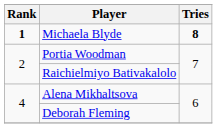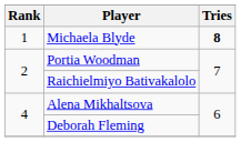 <table class="wikitable sortable">
 <tr>
 </tr>
 <tr>
 <th>Rank</th>
 <th>Player</th>
 <th>Tries</th>
 </tr>
 <tr>
-<td align=center><strong>1</strong></td>
+<td align=center>1</td>
 <td> <a href='#'>Michaela Blyde</a></td>
 <td align=center><strong>8</strong></td>
 </tr>
 <tr>
 <td align=center rowspan=2>2</td>
 <td> <a href='#'>Portia Woodman</a></td>
 <td align=center rowspan=2>7</td>
 </tr>
 <tr>
 <td> <a href='#'>Raichielmiyo Bativakalolo</a></td>
 </tr>
 <tr>
 <td align=center rowspan=2>4</td>
 <td> <a href='#'>Alena Mikhaltsova</a></td>
 <td align=center rowspan=2>6</td>
 </tr>
 <tr>
 <td> <a href='#'>Deborah Fleming</a></td>
 </tr>
 <tr>
 </tr>
 </table>
